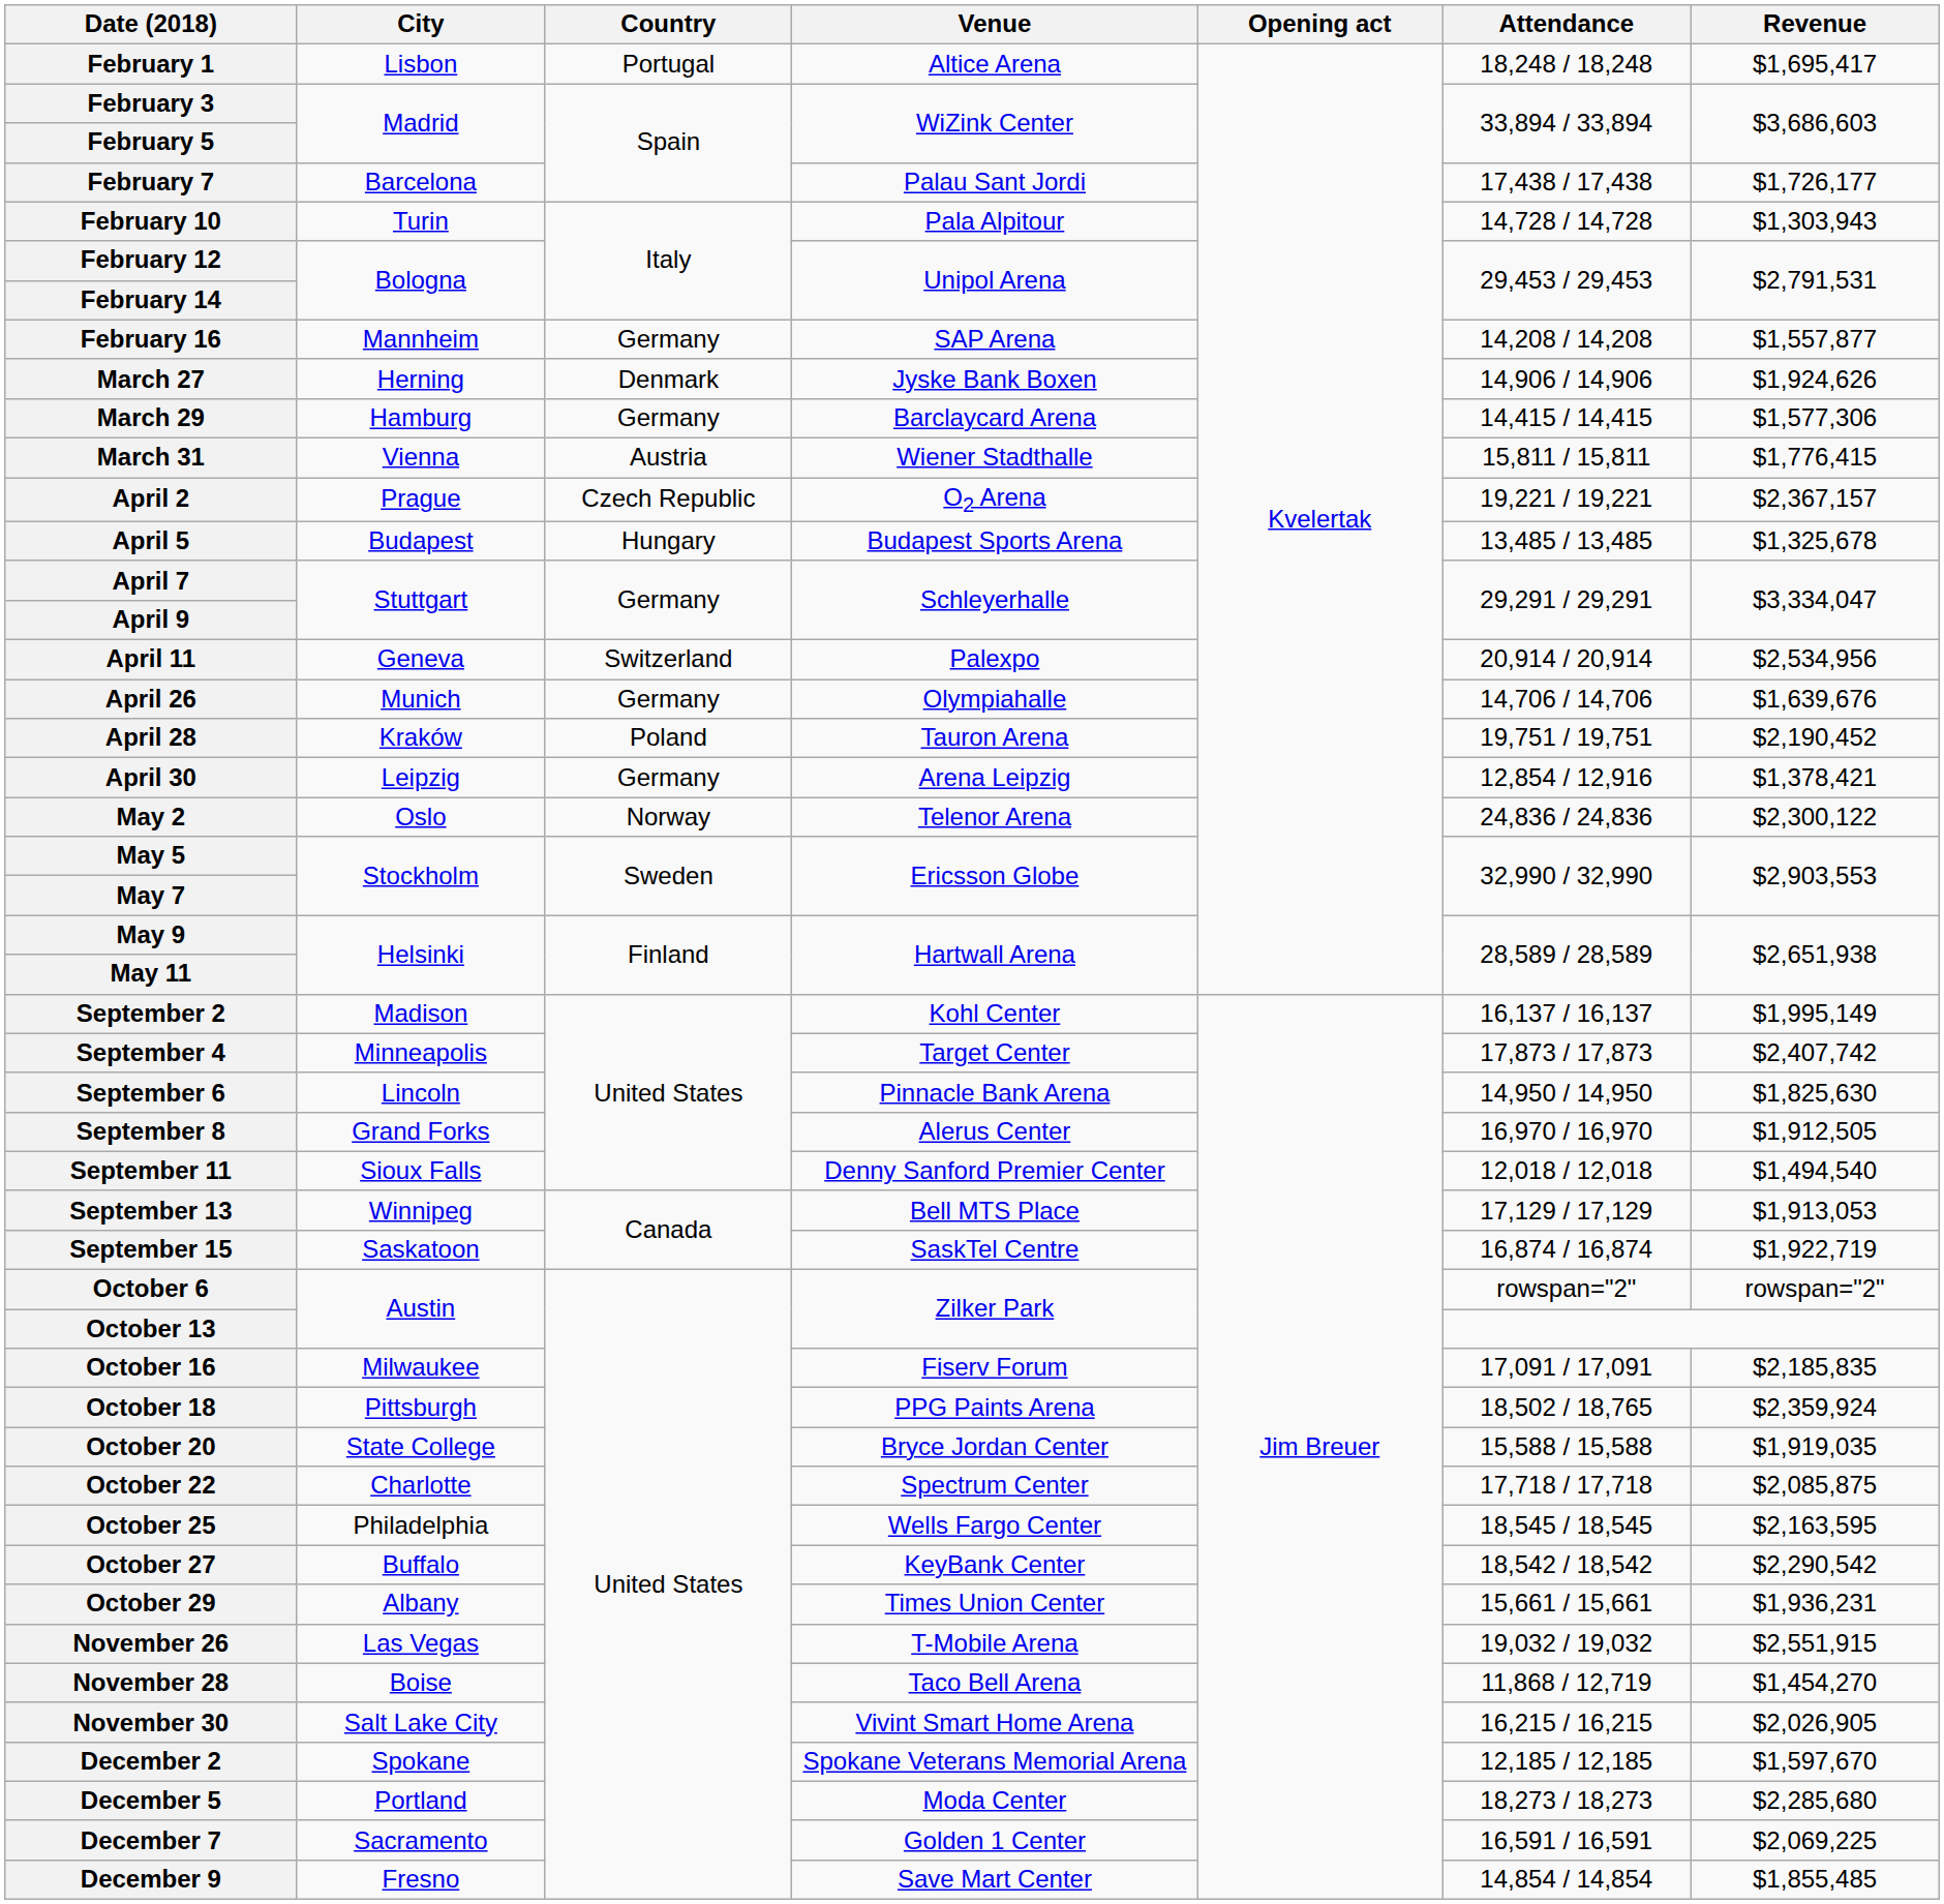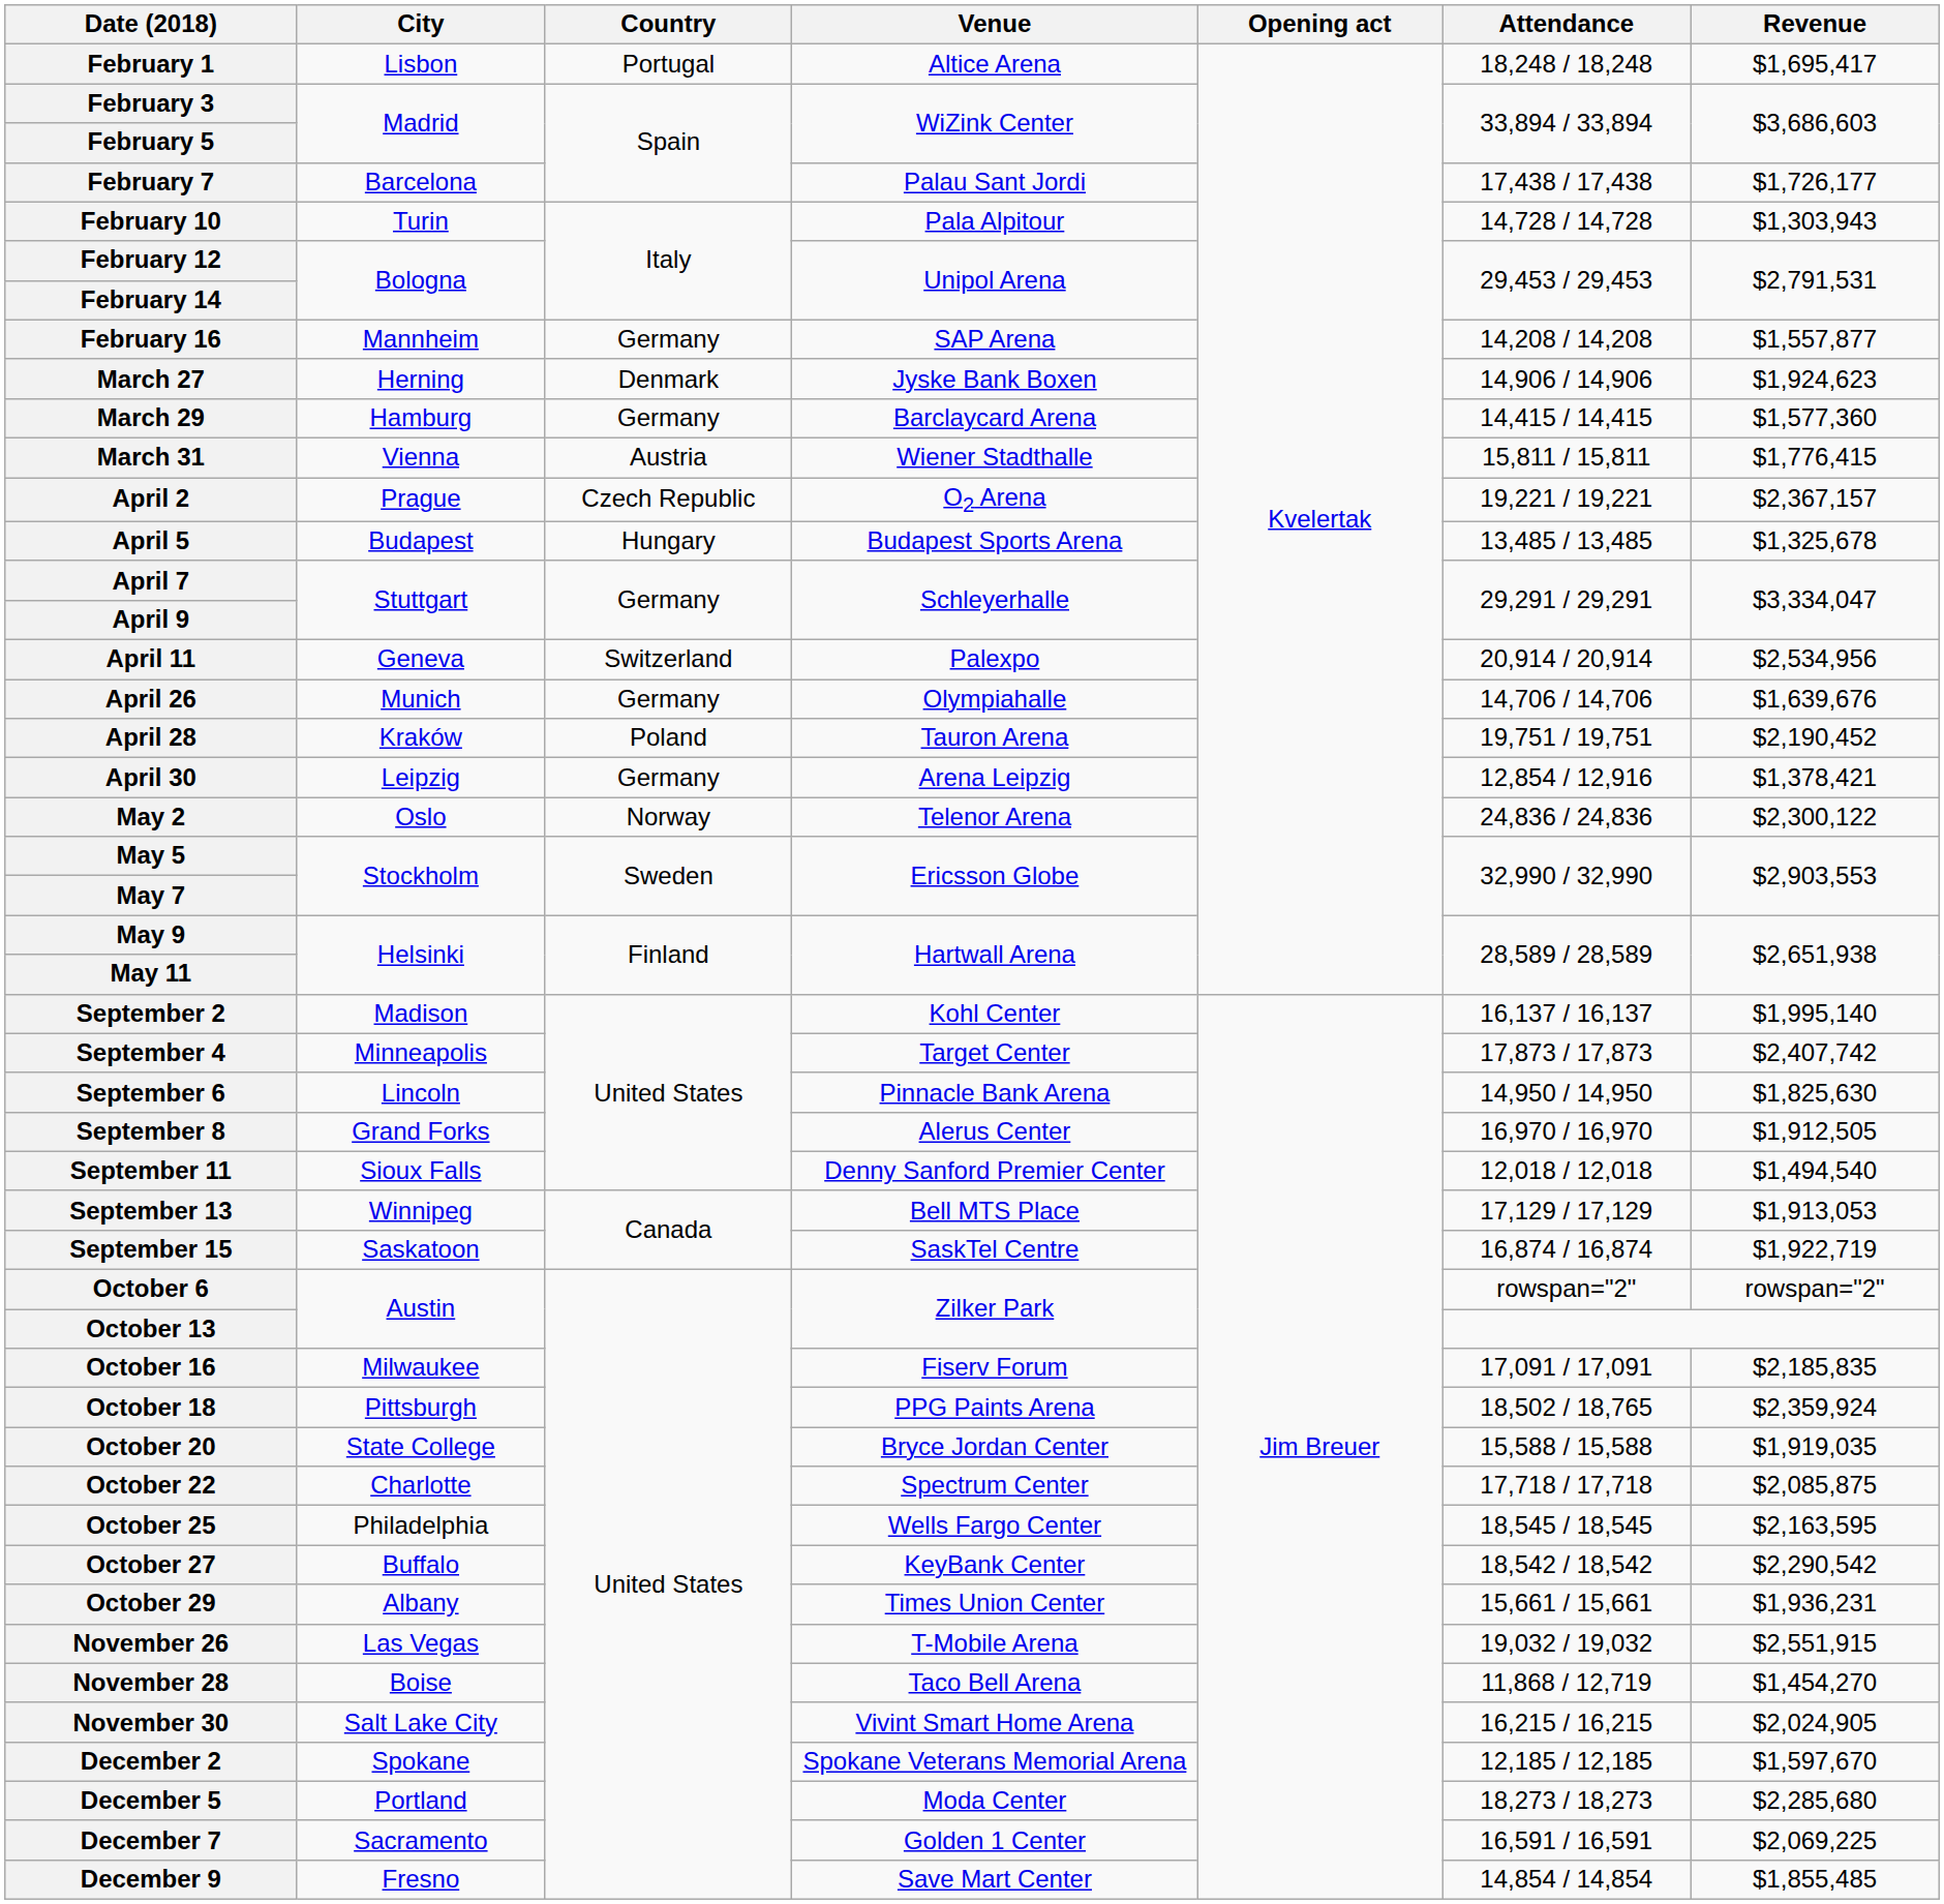 <table class="wikitable plainrowheaders" style="text-align:center;">
 <tr>
 <th scope="col" style="width:12em;">Date (2018)</th>
 <th scope="col" style="width:10em;">City</th>
 <th scope="col" style="width:10em;">Country</th>
 <th scope="col" style="width:17em;">Venue</th>
 <th scope="col" style="width:10em;">Opening act</th>
 <th scope="col" style="width:10em;">Attendance</th>
 <th scope="col" style="width:10em;">Revenue</th>
 </tr>
 <tr>
 <th scope="row" style="text-align:center;">February 1</th>
 <td><a href='#'>Lisbon</a></td>
 <td>Portugal</td>
 <td><a href='#'>Altice Arena</a></td>
 <td rowspan="24"><a href='#'>Kvelertak</a></td>
 <td>18,248 / 18,248</td>
 <td>$1,695,417</td>
 </tr>
 <tr>
 <th scope="row" style="text-align:center;">February 3</th>
 <td rowspan="2"><a href='#'>Madrid</a></td>
 <td rowspan="3">Spain</td>
 <td rowspan="2"><a href='#'>WiZink Center</a></td>
 <td rowspan="2">33,894 / 33,894</td>
 <td rowspan="2">$3,686,603</td>
 </tr>
 <tr>
 <th scope="row" style="text-align:center;">February 5</th>
 </tr>
 <tr>
 <th scope="row" style="text-align:center;">February 7</th>
 <td><a href='#'>Barcelona</a></td>
 <td><a href='#'>Palau Sant Jordi</a></td>
 <td>17,438 / 17,438</td>
 <td>$1,726,177</td>
 </tr>
 <tr>
 <th scope="row" style="text-align:center;">February 10</th>
 <td><a href='#'>Turin</a></td>
 <td rowspan="3">Italy</td>
 <td><a href='#'>Pala Alpitour</a></td>
 <td>14,728 / 14,728</td>
 <td>$1,303,943</td>
 </tr>
 <tr>
 <th scope="row" style="text-align:center;">February 12</th>
 <td rowspan="2"><a href='#'>Bologna</a></td>
 <td rowspan="2"><a href='#'>Unipol Arena</a></td>
 <td rowspan="2">29,453 / 29,453</td>
 <td rowspan="2">$2,791,531</td>
 </tr>
 <tr>
 <th scope="row" style="text-align:center;">February 14</th>
 </tr>
 <tr>
 <th scope="row" style="text-align:center;">February 16</th>
 <td><a href='#'>Mannheim</a></td>
 <td>Germany</td>
 <td><a href='#'>SAP Arena</a></td>
 <td>14,208 / 14,208</td>
 <td>$1,557,877</td>
 </tr>
 <tr>
 <th scope="row" style="text-align:center;">March 27</th>
 <td><a href='#'>Herning</a></td>
 <td>Denmark</td>
 <td><a href='#'>Jyske Bank Boxen</a></td>
 <td>14,906 / 14,906</td>
-<td>$1,924,626</td>
+<td>$1,924,623</td>
 </tr>
 <tr>
 <th scope="row" style="text-align:center;">March 29</th>
 <td><a href='#'>Hamburg</a></td>
 <td>Germany</td>
 <td><a href='#'>Barclaycard Arena</a></td>
 <td>14,415 / 14,415</td>
-<td>$1,577,306</td>
+<td>$1,577,360</td>
 </tr>
 <tr>
 <th scope="row" style="text-align:center;">March 31</th>
 <td><a href='#'>Vienna</a></td>
 <td>Austria</td>
 <td><a href='#'>Wiener Stadthalle</a></td>
 <td>15,811 / 15,811</td>
 <td>$1,776,415</td>
 </tr>
 <tr>
 <th scope="row" style="text-align:center;">April 2</th>
 <td><a href='#'>Prague</a></td>
 <td>Czech Republic</td>
 <td><a href='#'>O<sub>2</sub> Arena</a></td>
 <td>19,221 / 19,221</td>
 <td>$2,367,157</td>
 </tr>
 <tr>
 <th scope="row" style="text-align:center;">April 5</th>
 <td><a href='#'>Budapest</a></td>
 <td>Hungary</td>
 <td><a href='#'>Budapest Sports Arena</a></td>
 <td>13,485 / 13,485</td>
 <td>$1,325,678</td>
 </tr>
 <tr>
 <th scope="row" style="text-align:center;">April 7</th>
 <td rowspan="2"><a href='#'>Stuttgart</a></td>
 <td rowspan="2">Germany</td>
 <td rowspan="2"><a href='#'>Schleyerhalle</a></td>
 <td rowspan="2">29,291 / 29,291</td>
 <td rowspan="2">$3,334,047</td>
 </tr>
 <tr>
 <th scope="row" style="text-align:center;">April 9</th>
 </tr>
 <tr>
 <th scope="row" style="text-align:center;">April 11</th>
 <td><a href='#'>Geneva</a></td>
 <td>Switzerland</td>
 <td><a href='#'>Palexpo</a></td>
 <td>20,914 / 20,914</td>
 <td>$2,534,956</td>
 </tr>
 <tr>
 <th scope="row" style="text-align:center;">April 26</th>
 <td><a href='#'>Munich</a></td>
 <td>Germany</td>
 <td><a href='#'>Olympiahalle</a></td>
 <td>14,706 / 14,706</td>
 <td>$1,639,676</td>
 </tr>
 <tr>
 <th scope="row" style="text-align:center;">April 28</th>
 <td><a href='#'>Kraków</a></td>
 <td>Poland</td>
 <td><a href='#'>Tauron Arena</a></td>
 <td>19,751 / 19,751</td>
 <td>$2,190,452</td>
 </tr>
 <tr>
 <th scope="row" style="text-align:center;">April 30</th>
 <td><a href='#'>Leipzig</a></td>
 <td>Germany</td>
 <td><a href='#'>Arena Leipzig</a></td>
 <td>12,854 / 12,916</td>
 <td>$1,378,421</td>
 </tr>
 <tr>
 <th scope="row" style="text-align:center;">May 2</th>
 <td><a href='#'>Oslo</a></td>
 <td>Norway</td>
 <td><a href='#'>Telenor Arena</a></td>
 <td>24,836 / 24,836</td>
 <td>$2,300,122</td>
 </tr>
 <tr>
 <th scope="row" style="text-align:center;">May 5</th>
 <td rowspan="2"><a href='#'>Stockholm</a></td>
 <td rowspan="2">Sweden</td>
 <td rowspan="2"><a href='#'>Ericsson Globe</a></td>
 <td rowspan="2">32,990 / 32,990</td>
 <td rowspan="2">$2,903,553</td>
 </tr>
 <tr>
 <th scope="row" style="text-align:center;">May 7</th>
 </tr>
 <tr>
 <th scope="row" style="text-align:center;">May 9</th>
 <td rowspan="2"><a href='#'>Helsinki</a></td>
 <td rowspan="2">Finland</td>
 <td rowspan="2"><a href='#'>Hartwall Arena</a></td>
 <td rowspan="2">28,589 / 28,589</td>
 <td rowspan="2">$2,651,938</td>
 </tr>
 <tr>
 <th scope="row" style="text-align:center;">May 11</th>
 </tr>
 <tr>
 <th scope="row" style="text-align:center;">September 2</th>
 <td><a href='#'>Madison</a></td>
 <td rowspan="5">United States</td>
 <td><a href='#'>Kohl Center</a></td>
 <td rowspan="23"><a href='#'>Jim Breuer</a></td>
 <td>16,137 / 16,137</td>
-<td>$1,995,149</td>
+<td>$1,995,140</td>
 </tr>
 <tr>
 <th scope="row" style="text-align:center;">September 4</th>
 <td><a href='#'>Minneapolis</a></td>
 <td><a href='#'>Target Center</a></td>
 <td>17,873 / 17,873</td>
 <td>$2,407,742</td>
 </tr>
 <tr>
 <th scope="row" style="text-align:center;">September 6</th>
 <td><a href='#'>Lincoln</a></td>
 <td><a href='#'>Pinnacle Bank Arena</a></td>
 <td>14,950 / 14,950</td>
 <td>$1,825,630</td>
 </tr>
 <tr>
 <th scope="row" style="text-align:center;">September 8</th>
 <td><a href='#'>Grand Forks</a></td>
 <td><a href='#'>Alerus Center</a></td>
 <td>16,970 / 16,970</td>
 <td>$1,912,505</td>
 </tr>
 <tr>
 <th scope="row" style="text-align:center;">September 11</th>
 <td><a href='#'>Sioux Falls</a></td>
 <td><a href='#'>Denny Sanford Premier Center</a></td>
 <td>12,018 / 12,018</td>
 <td>$1,494,540</td>
 </tr>
 <tr>
 <th scope="row" style="text-align:center;">September 13</th>
 <td><a href='#'>Winnipeg</a></td>
 <td rowspan="2">Canada</td>
 <td><a href='#'>Bell MTS Place</a></td>
 <td>17,129 / 17,129</td>
 <td>$1,913,053</td>
 </tr>
 <tr>
 <th scope="row" style="text-align:center;">September 15</th>
 <td><a href='#'>Saskatoon</a></td>
 <td><a href='#'>SaskTel Centre</a></td>
 <td>16,874 / 16,874</td>
 <td>$1,922,719</td>
 </tr>
 <tr>
 <th scope="row" style="text-align:center;">October 6</th>
 <td rowspan="2"><a href='#'>Austin</a></td>
 <td rowspan="16">United States</td>
 <td rowspan="2"><a href='#'>Zilker Park</a></td>
 <td>rowspan="2" </td>
 <td>rowspan="2" </td>
 </tr>
 <tr>
 <th scope="row" style="text-align:center;">October 13</th>
 </tr>
 <tr>
 <th scope="row" style="text-align:center;">October 16</th>
 <td><a href='#'>Milwaukee</a></td>
 <td><a href='#'>Fiserv Forum</a></td>
 <td>17,091 / 17,091</td>
 <td>$2,185,835</td>
 </tr>
 <tr>
 <th scope="row" style="text-align:center;">October 18</th>
 <td><a href='#'>Pittsburgh</a></td>
 <td><a href='#'>PPG Paints Arena</a></td>
 <td>18,502 / 18,765</td>
 <td>$2,359,924</td>
 </tr>
 <tr>
 <th scope="row" style="text-align:center;">October 20</th>
 <td><a href='#'>State College</a></td>
 <td><a href='#'>Bryce Jordan Center</a></td>
 <td>15,588 / 15,588</td>
 <td>$1,919,035</td>
 </tr>
 <tr>
 <th scope="row" style="text-align:center;">October 22</th>
 <td><a href='#'>Charlotte</a></td>
 <td><a href='#'>Spectrum Center</a></td>
 <td>17,718 / 17,718</td>
 <td>$2,085,875</td>
 </tr>
 <tr>
 <th scope="row" style="text-align:center;">October 25</th>
 <td>Philadelphia</td>
 <td><a href='#'>Wells Fargo Center</a></td>
 <td>18,545 / 18,545</td>
 <td>$2,163,595</td>
 </tr>
 <tr>
 <th scope="row" style="text-align:center;">October 27</th>
 <td><a href='#'>Buffalo</a></td>
 <td><a href='#'>KeyBank Center</a></td>
 <td>18,542 / 18,542</td>
 <td>$2,290,542</td>
 </tr>
 <tr>
 <th scope="row" style="text-align:center;">October 29</th>
 <td><a href='#'>Albany</a></td>
 <td><a href='#'>Times Union Center</a></td>
 <td>15,661 / 15,661</td>
 <td>$1,936,231</td>
 </tr>
 <tr>
 <th scope="row" style="text-align:center;">November 26</th>
 <td><a href='#'>Las Vegas</a></td>
 <td><a href='#'>T-Mobile Arena</a></td>
 <td>19,032 / 19,032</td>
 <td>$2,551,915</td>
 </tr>
 <tr>
 <th scope="row" style="text-align:center;">November 28</th>
 <td><a href='#'>Boise</a></td>
 <td><a href='#'>Taco Bell Arena</a></td>
 <td>11,868 / 12,719</td>
 <td>$1,454,270</td>
 </tr>
 <tr>
 <th scope="row" style="text-align:center;">November 30</th>
 <td><a href='#'>Salt Lake City</a></td>
 <td><a href='#'>Vivint Smart Home Arena</a></td>
 <td>16,215 / 16,215</td>
-<td>$2,026,905</td>
+<td>$2,024,905</td>
 </tr>
 <tr>
 <th scope="row" style="text-align:center;">December 2</th>
 <td><a href='#'>Spokane</a></td>
 <td><a href='#'>Spokane Veterans Memorial Arena</a></td>
 <td>12,185 / 12,185</td>
 <td>$1,597,670</td>
 </tr>
 <tr>
 <th scope="row" style="text-align:center;">December 5</th>
 <td><a href='#'>Portland</a></td>
 <td><a href='#'>Moda Center</a></td>
 <td>18,273 / 18,273</td>
 <td>$2,285,680</td>
 </tr>
 <tr>
 <th scope="row" style="text-align:center;">December 7</th>
 <td><a href='#'>Sacramento</a></td>
 <td><a href='#'>Golden 1 Center</a></td>
 <td>16,591 / 16,591</td>
 <td>$2,069,225</td>
 </tr>
 <tr>
 <th scope="row" style="text-align:center;">December 9</th>
 <td><a href='#'>Fresno</a></td>
 <td><a href='#'>Save Mart Center</a></td>
 <td>14,854 / 14,854</td>
 <td>$1,855,485</td>
 </tr>
 </table>
